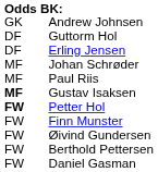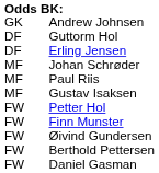 <table style=font-size:90% cellspacing=0 cellpadding=0>
 <tr>
 <td colspan="4"><strong>Odds BK:</strong></td>
 </tr>
 <tr>
 <th width=25></th>
 <th width=25></th>
 </tr>
 <tr>
 <td>GK</td>
 <td></td>
 <td>Andrew Johnsen</td>
 </tr>
 <tr>
 <td>DF</td>
 <td></td>
 <td>Guttorm Hol</td>
 </tr>
 <tr>
 <td>DF</td>
 <td></td>
 <td><a href='#'>Erling Jensen</a></td>
 </tr>
 <tr>
 <td>MF</td>
 <td></td>
 <td>Johan Schrøder</td>
 </tr>
 <tr>
 <td>MF</td>
 <td></td>
 <td>Paul Riis</td>
 </tr>
 <tr>
-<td><strong>MF</strong></td>
+<td>MF</td>
 <td></td>
 <td>Gustav Isaksen</td>
 </tr>
 <tr>
-<td><strong>FW</strong></td>
+<td>FW</td>
 <td></td>
 <td><a href='#'>Petter Hol</a></td>
 </tr>
 <tr>
 <td>FW</td>
 <td></td>
 <td><a href='#'>Finn Munster</a></td>
 </tr>
 <tr>
 <td>FW</td>
 <td></td>
 <td>Øivind Gundersen</td>
 </tr>
 <tr>
 <td>FW</td>
 <td></td>
 <td>Berthold Pettersen</td>
 </tr>
 <tr>
 <td>FW</td>
 <td></td>
 <td>Daniel Gasman</td>
 </tr>
 </table>
